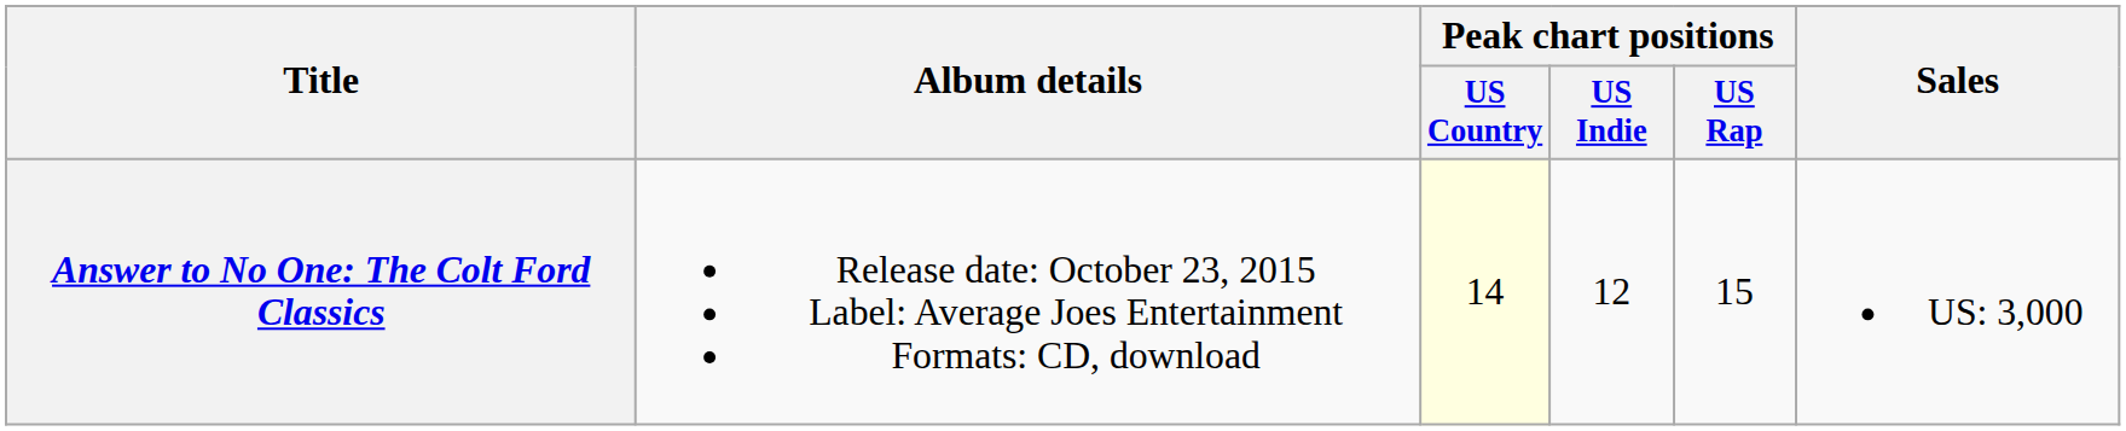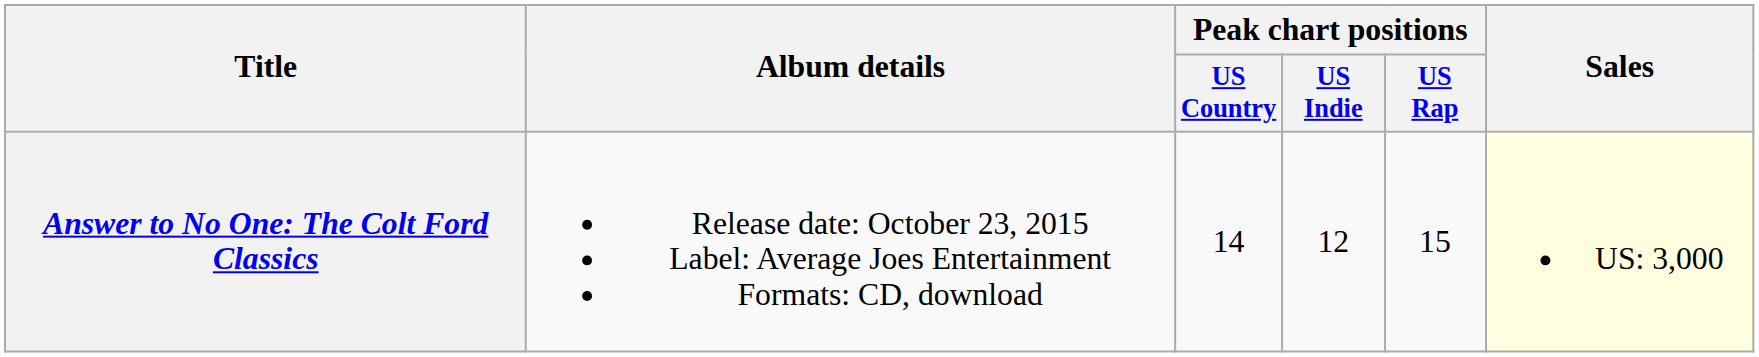 <table class="wikitable plainrowheaders" style="text-align:center;">
 <tr>
 <th rowspan="2" style="width:16em;">Title</th>
 <th rowspan="2" style="width:20em;">Album details</th>
 <th colspan="3">Peak chart positions</th>
 <th rowspan="2" style="width:8em;">Sales</th>
 </tr>
 <tr style="font-size:smaller;">
 <th style="width:45px;"><a href='#'>US Country</a><br></th>
 <th style="width:45px;"><a href='#'>US<br>Indie</a><br></th>
 <th style="width:45px;"><a href='#'>US<br>Rap</a><br></th>
 </tr>
 <tr>
 <th scope="row"><em><a href='#'>Answer to No One: The Colt Ford Classics</a></em></th>
 <td><br><ul><li>Release date: October 23, 2015</li><li>Label: Average Joes Entertainment</li><li>Formats: CD, download</li></ul></td>
-<td style="background: lightyellow;">14</td>
+<td>14</td>
 <td>12</td>
 <td>15</td>
-<td><br><ul><li>US: 3,000</li></ul></td>
+<td style="background: lightyellow;"><br><ul><li>US: 3,000</li></ul></td>
 </tr>
 </table>
